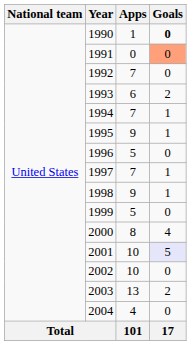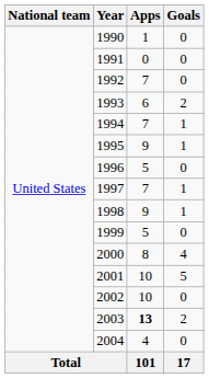 <table class="wikitable" style="text-align:center">
 <tr>
 <th>National team</th>
 <th>Year</th>
 <th>Apps</th>
 <th>Goals</th>
 </tr>
 <tr>
 <td rowspan="15"><a href='#'>United States</a></td>
 <td>1990</td>
 <td>1</td>
-<td><strong>0</strong></td>
+<td>0</td>
 </tr>
 <tr>
 <td>1991</td>
 <td>0</td>
-<td style="background: lightsalmon;">0</td>
+<td>0</td>
 </tr>
 <tr>
 <td>1992</td>
 <td>7</td>
 <td>0</td>
 </tr>
 <tr>
 <td>1993</td>
 <td>6</td>
 <td>2</td>
 </tr>
 <tr>
 <td>1994</td>
 <td>7</td>
 <td>1</td>
 </tr>
 <tr>
 <td>1995</td>
 <td>9</td>
 <td>1</td>
 </tr>
 <tr>
 <td>1996</td>
 <td>5</td>
 <td>0</td>
 </tr>
 <tr>
 <td>1997</td>
 <td>7</td>
 <td>1</td>
 </tr>
 <tr>
 <td>1998</td>
 <td>9</td>
 <td>1</td>
 </tr>
 <tr>
 <td>1999</td>
 <td>5</td>
 <td>0</td>
 </tr>
 <tr>
 <td>2000</td>
 <td>8</td>
 <td>4</td>
 </tr>
 <tr>
 <td>2001</td>
 <td>10</td>
-<td style="background: lavender;">5</td>
+<td>5</td>
 </tr>
 <tr>
 <td>2002</td>
 <td>10</td>
 <td>0</td>
 </tr>
 <tr>
 <td>2003</td>
-<td>13</td>
+<td><strong>13</strong></td>
 <td>2</td>
 </tr>
 <tr>
 <td>2004</td>
 <td>4</td>
 <td>0</td>
 </tr>
 <tr>
 <th colspan="2">Total</th>
 <th>101</th>
 <th>17</th>
 </tr>
 </table>
